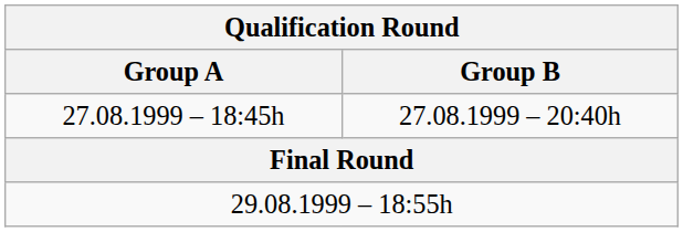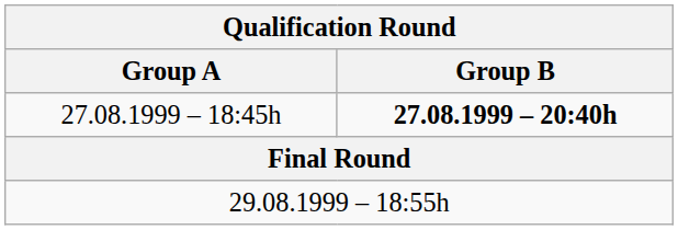 <table class="wikitable" style=" text-align:center; font-size:110%;" width="35%">
 <tr>
 <th colspan="2">Qualification Round</th>
 </tr>
 <tr>
 <th>Group A</th>
 <th>Group B</th>
 </tr>
 <tr>
 <td>27.08.1999 – 18:45h</td>
-<td>27.08.1999 – 20:40h</td>
+<td><strong>27.08.1999 – 20:40h</strong></td>
 </tr>
 <tr>
 <th colspan="2">Final Round</th>
 </tr>
 <tr>
 <td colspan="2">29.08.1999 – 18:55h</td>
 </tr>
 </table>
